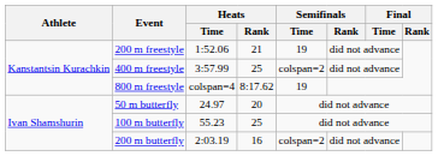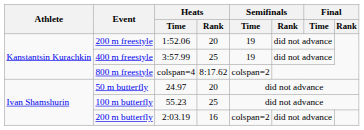 <table class=wikitable style="font-size:90%">
 <tr>
 <th rowspan=2>Athlete</th>
 <th rowspan=2>Event</th>
 <th colspan=2>Heats</th>
 <th colspan=2>Semifinals</th>
 <th colspan=2>Final</th>
 </tr>
 <tr style="font-size:95%">
 <th>Time</th>
 <th>Rank</th>
 <th>Time</th>
 <th>Rank</th>
 <th>Time</th>
 <th>Rank</th>
 </tr>
 <tr align=center>
 <td rowspan=3 align=left><a href='#'>Kanstantsin Kurachkin</a></td>
 <td align=left><a href='#'>200 m freestyle</a></td>
 <td>1:52.06</td>
-<td>21</td>
+<td>20</td>
 <td>19</td>
 <td colspan=2>did not advance</td>
 </tr>
 <tr align=center>
 <td align=left><a href='#'>400 m freestyle</a></td>
 <td>3:57.99</td>
 <td>25</td>
-<td>colspan=2 </td>
+<td>19</td>
 <td colspan=2>did not advance</td>
 </tr>
 <tr align=center>
 <td align=left><a href='#'>800 m freestyle</a></td>
 <td>colspan=4 </td>
 <td>8:17.62</td>
-<td>19</td>
+<td>colspan=2 </td>
 </tr>
 <tr align=center>
 <td rowspan=3 align=left><a href='#'>Ivan Shamshurin</a></td>
 <td align=left><a href='#'>50 m butterfly</a></td>
 <td>24.97</td>
 <td>20</td>
 <td colspan=4>did not advance</td>
 </tr>
 <tr align=center>
 <td align=left><a href='#'>100 m butterfly</a></td>
 <td>55.23</td>
 <td>25</td>
 <td colspan=4>did not advance</td>
 </tr>
 <tr align=center>
 <td align=left><a href='#'>200 m butterfly</a></td>
 <td>2:03.19</td>
 <td>16</td>
 <td>colspan=2 </td>
 <td colspan=2>did not advance</td>
 </tr>
 </table>
